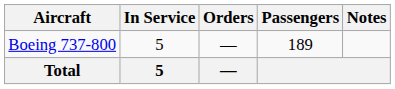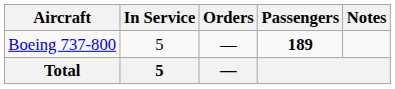 <table class="wikitable" style="border-collapse:collapse;text-align:center">
 <tr>
 <th>Aircraft</th>
 <th>In Service</th>
 <th>Orders</th>
 <th>Passengers</th>
 <th>Notes</th>
 </tr>
 <tr>
 <td><a href='#'>Boeing 737-800</a></td>
 <td>5</td>
 <td>—</td>
-<td>189</td>
+<td><strong>189</strong></td>
 <td></td>
 </tr>
 <tr>
 <th>Total</th>
 <th>5</th>
 <th>—</th>
 <th colspan="2"></th>
 </tr>
 </table>
